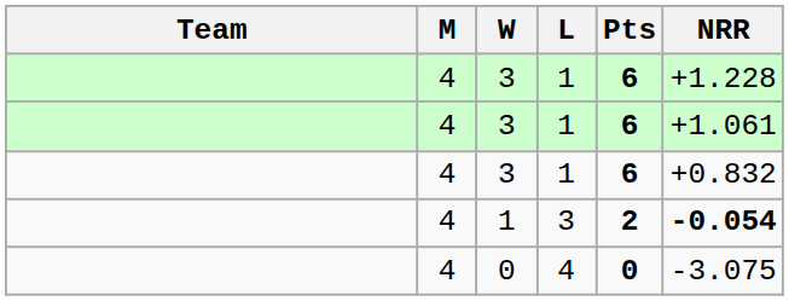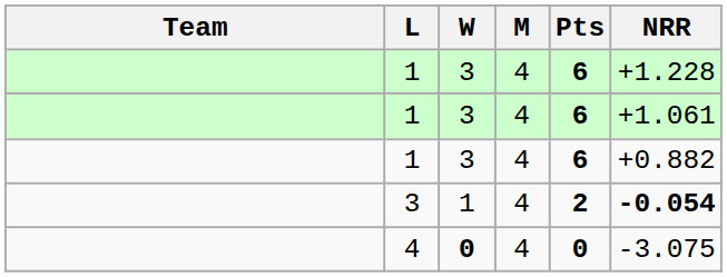 <table class="wikitable" style="text-align:center;">
 <tr>
 <th width=175>Team</th>
+<th style="width:20px;" abbr="Lost">L</th>
+<th style="width:20px;" abbr="Won">W</th>
 <th style="width:20px;" abbr="Played">M</th>
-<th style="width:20px;" abbr="Won">W</th>
-<th style="width:20px;" abbr="Lost">L</th>
 <th style="width:20px;" abbr="Points">Pts</th>
 <th style="width:20px;" abbr="Net run rate">NRR</th>
 </tr>
 <tr style="background:#cfc;">
 <td style="text-align:left;"></td>
+<td>1</td>
+<td>3</td>
 <td>4</td>
-<td>3</td>
-<td>1</td>
 <td><strong>6</strong></td>
 <td>+1.228</td>
 </tr>
 <tr |- bgcolor="#ccffcc">
 <td style="text-align:left;"></td>
+<td>1</td>
+<td>3</td>
 <td>4</td>
-<td>3</td>
-<td>1</td>
 <td><strong>6</strong></td>
 <td>+1.061</td>
 </tr>
 <tr style="background:#f9f9f9;">
 <td style="text-align:left;"></td>
+<td>1</td>
+<td>3</td>
 <td>4</td>
-<td>3</td>
-<td>1</td>
 <td><strong>6</strong></td>
-<td>+0.832</td>
+<td>+0.882</td>
 </tr>
 <tr style="background:#f9f9f9;">
 <td style="text-align:left;"></td>
+<td>3</td>
+<td>1</td>
 <td>4</td>
-<td>1</td>
-<td>3</td>
 <td><strong>2</strong></td>
 <td><strong>-0.054</strong></td>
 </tr>
 <tr style="background:#f9f9f9;">
 <td style="text-align:left;"></td>
 <td>4</td>
-<td>0</td>
+<td><strong>0</strong></td>
 <td>4</td>
 <td><strong>0</strong></td>
 <td>-3.075</td>
 </tr>
 </table>
